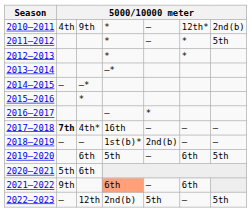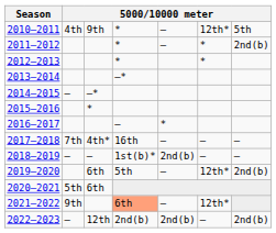 <table class="wikitable" style="display: inline-table;">
 <tr>
 <th>Season</th>
 <th colspan="6">5000/10000 meter</th>
 </tr>
 <tr>
 <td><a href='#'>2010–2011</a></td>
 <td>4th</td>
 <td>9th</td>
 <td>*</td>
 <td>–</td>
 <td>12th*</td>
-<td>2nd(b)</td>
+<td>5th</td>
 </tr>
 <tr>
 <td><a href='#'>2011–2012</a></td>
 <td></td>
 <td></td>
 <td>*</td>
 <td>–</td>
 <td>*</td>
-<td>5th</td>
+<td>2nd(b)</td>
 </tr>
 <tr>
 <td><a href='#'>2012–2013</a></td>
 <td></td>
 <td></td>
 <td>*</td>
 <td></td>
 <td>*</td>
 <td></td>
 </tr>
 <tr>
 <td><a href='#'>2013–2014</a></td>
 <td></td>
 <td></td>
 <td>–*</td>
 <td></td>
 <td></td>
 <td></td>
 </tr>
 <tr>
 <td><a href='#'>2014–2015</a></td>
 <td>–</td>
 <td>–*</td>
 <td></td>
 <td></td>
 <td></td>
 <td></td>
 </tr>
 <tr>
 <td><a href='#'>2015–2016</a></td>
 <td></td>
 <td>*</td>
 <td></td>
 <td></td>
 <td></td>
 <td></td>
 </tr>
 <tr>
 <td><a href='#'>2016–2017</a></td>
 <td></td>
 <td></td>
 <td>–</td>
 <td>*</td>
 <td></td>
 <td></td>
 </tr>
 <tr>
 <td><a href='#'>2017–2018</a></td>
-<td><strong>7th</strong></td>
+<td>7th</td>
 <td>4th*</td>
 <td>16th</td>
 <td>–</td>
 <td>–</td>
 <td>–</td>
 </tr>
 <tr>
 <td><a href='#'>2018–2019</a></td>
 <td>–</td>
 <td>–</td>
 <td>1st(b)*</td>
 <td>2nd(b)</td>
 <td>–</td>
 <td>–</td>
 </tr>
 <tr>
 <td><a href='#'>2019–2020</a></td>
 <td></td>
 <td>6th</td>
 <td>5th</td>
 <td>–</td>
-<td>6th</td>
-<td>5th</td>
+<td>12th*</td>
+<td>2nd(b)</td>
 </tr>
 <tr>
 <td><a href='#'>2020–2021</a></td>
 <td>5th</td>
 <td>6th</td>
 <td colspan="4" bgcolor=#EEEEEE></td>
 </tr>
 <tr>
 <td><a href='#'>2021–2022</a></td>
 <td>9th</td>
 <td></td>
 <td style="background: lightsalmon;">6th</td>
 <td>–</td>
-<td>6th</td>
+<td>12th*</td>
 <td colspan="1" bgcolor=#EEEEEE></td>
 </tr>
 <tr>
 <td><a href='#'>2022–2023</a></td>
 <td>–</td>
 <td>12th</td>
 <td>2nd(b)</td>
-<td>5th</td>
+<td>2nd(b)</td>
 <td>–</td>
-<td>5th</td>
+<td>2nd(b)</td>
 </tr>
 </table>
